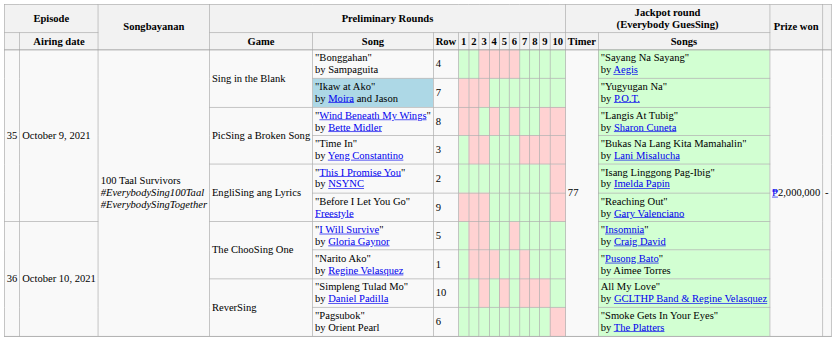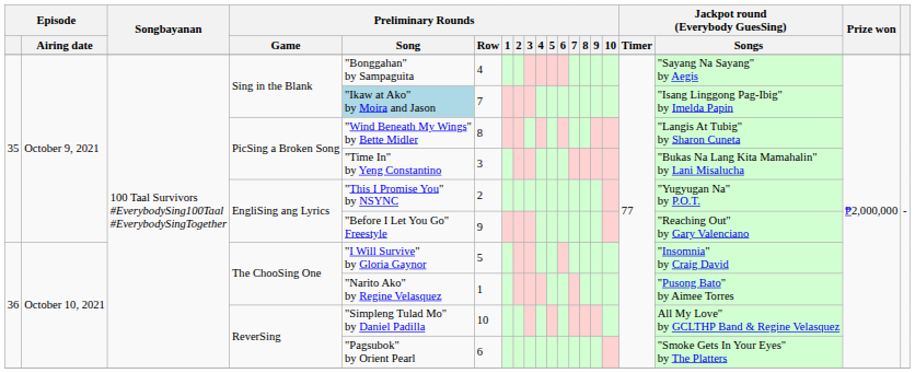 <table class="wikitable plainrowheaders mw-collapsible ">
 <tr>
 <th colspan="2">Episode</th>
 <th rowspan="2">Songbayanan</th>
 <th colspan="13">Preliminary Rounds</th>
 <th colspan="2">Jackpot round<br><strong>(Everybody GuesSing)</strong></th>
 <th rowspan="2">Prize won</th>
 <th rowspan="2"></th>
 </tr>
 <tr>
 <th></th>
 <th>Airing date</th>
 <th>Game</th>
 <th>Song</th>
 <th>Row</th>
 <th>1</th>
 <th>2</th>
 <th>3</th>
 <th>4</th>
 <th>5</th>
 <th>6</th>
 <th>7</th>
 <th>8</th>
 <th>9</th>
 <th>10</th>
 <th>Timer</th>
 <th>Songs</th>
 </tr>
 <tr>
 </tr>
 <tr>
 </tr>
 <tr>
 <td rowspan="6">35</td>
 <td rowspan="6">October 9, 2021</td>
 <td rowspan="10">100 Taal Survivors <br> <em>#EverybodySing100Taal</em>  <br> <em>#EverybodySingTogether</em></td>
 <td rowspan="2">Sing in the Blank</td>
 <td>"Bonggahan" <br> by Sampaguita</td>
 <td>4</td>
 <td style="background:#D2FFD2"></td>
 <td style="background:#D2FFD2"></td>
 <td style="background:#FFD2D2"></td>
 <td style="background:#FFD2D2"></td>
 <td style="background:#FFD2D2"></td>
 <td style="background:#FFD2D2"></td>
 <td style="background:#D2FFD2"></td>
 <td style="background:#D2FFD2"></td>
 <td style="background:#D2FFD2"></td>
 <td style="background:#D2FFD2"></td>
 <td rowspan="10">77 </td>
 <td style="background:#D2FFD2">"Sayang Na Sayang"<br>by <a href='#'>Aegis</a></td>
 <td rowspan="10"><a href='#'>₱</a>2,000,000</td>
 <td rowspan="10">-</td>
 </tr>
 <tr>
 <td style="background: lightblue;">"Ikaw at Ako" <br> by <a href='#'>Moira</a> and Jason</td>
 <td>7</td>
 <td style="background:#FFD2D2"></td>
 <td style="background:#FFD2D2"></td>
 <td style="background:#FFD2D2"></td>
 <td style="background:#D2FFD2"></td>
 <td style="background:#D2FFD2"></td>
 <td style="background:#D2FFD2"></td>
 <td style="background:#D2FFD2"></td>
 <td style="background:#D2FFD2"></td>
 <td style="background:#D2FFD2"></td>
 <td style="background:#D2FFD2"></td>
-<td style="background:#D2FFD2">"Yugyugan Na"<br>by <a href='#'>P.O.T.</a></td>
+<td style="background:#D2FFD2">"Isang Linggong Pag-Ibig"<br>by <a href='#'>Imelda Papin</a></td>
 </tr>
 <tr>
 <td rowspan="2">PicSing a Broken Song</td>
 <td>"<a href='#'>Wind Beneath My Wings</a>" <br> by <a href='#'>Bette Midler</a></td>
 <td>8</td>
 <td style="background:#FFD2D2"></td>
 <td style="background:#FFD2D2"></td>
 <td style="background:#D2FFD2"></td>
 <td style="background:#FFD2D2"></td>
 <td style="background:#D2FFD2"></td>
 <td style="background:#FFD2D2"></td>
 <td style="background:#D2FFD2"></td>
 <td style="background:#D2FFD2"></td>
 <td style="background:#FFD2D2"></td>
 <td style="background:#FFD2D2"></td>
 <td style="background:#D2FFD2">"Langis At Tubig"<br>by <a href='#'>Sharon Cuneta</a></td>
 </tr>
 <tr>
 <td>"Time In" <br> by <a href='#'>Yeng Constantino</a></td>
 <td>3</td>
 <td style="background:#D2FFD2"></td>
 <td style="background:#FFD2D2"></td>
 <td style="background:#FFD2D2"></td>
 <td style="background:#D2FFD2"></td>
 <td style="background:#D2FFD2"></td>
 <td style="background:#D2FFD2"></td>
 <td style="background:#FFD2D2"></td>
 <td style="background:#FFD2D2"></td>
 <td style="background:#FFD2D2"></td>
 <td style="background:#FFD2D2"></td>
 <td style="background:#D2FFD2">"Bukas Na Lang Kita Mamahalin"<br>by <a href='#'>Lani Misalucha</a></td>
 </tr>
 <tr>
 <td rowspan="2">EngliSing ang Lyrics</td>
 <td>"<a href='#'>This I Promise You</a>" <br> by <a href='#'>NSYNC</a></td>
 <td>2</td>
 <td style="background:#D2FFD2"></td>
 <td style="background:#D2FFD2"></td>
 <td style="background:#D2FFD2"></td>
 <td style="background:#D2FFD2"></td>
 <td style="background:#D2FFD2"></td>
 <td style="background:#D2FFD2"></td>
 <td style="background:#D2FFD2"></td>
 <td style="background:#D2FFD2"></td>
 <td style="background:#D2FFD2"></td>
 <td style="background:#FFD2D2"></td>
-<td style="background:#D2FFD2">"Isang Linggong Pag-Ibig"<br>by <a href='#'>Imelda Papin</a></td>
+<td style="background:#D2FFD2">"Yugyugan Na"<br>by <a href='#'>P.O.T.</a></td>
 </tr>
 <tr>
 <td>"Before I Let You Go" <br> <a href='#'>Freestyle</a></td>
 <td>9</td>
 <td style="background:#FFD2D2"></td>
 <td style="background:#FFD2D2"></td>
 <td style="background:#FFD2D2"></td>
 <td style="background:#D2FFD2"></td>
 <td style="background:#D2FFD2"></td>
 <td style="background:#D2FFD2"></td>
 <td style="background:#D2FFD2"></td>
 <td style="background:#D2FFD2"></td>
 <td style="background:#D2FFD2"></td>
 <td style="background:#FFD2D2"></td>
 <td style="background:#D2FFD2">"Reaching Out"<br>by <a href='#'>Gary Valenciano</a></td>
 </tr>
 <tr>
 <td rowspan="4">36</td>
 <td rowspan="4">October 10, 2021</td>
 <td rowspan="2">The ChooSing One</td>
 <td>"<a href='#'>I Will Survive</a>" <br> by <a href='#'>Gloria Gaynor</a></td>
 <td>5</td>
 <td style="background:#D2FFD2"></td>
 <td style="background:#FFD2D2"></td>
 <td style="background:#FFD2D2"></td>
 <td style="background:#D2FFD2"></td>
 <td style="background:#D2FFD2"></td>
 <td style="background:#FFD2D2"></td>
 <td style="background:#D2FFD2"></td>
 <td style="background:#D2FFD2"></td>
 <td style="background:#D2FFD2"></td>
 <td style="background:#D2FFD2"></td>
 <td style="background:#D2FFD2">"<a href='#'>Insomnia</a>"<br>by <a href='#'>Craig David</a></td>
 </tr>
 <tr>
 <td>"Narito Ako" <br> by <a href='#'>Regine Velasquez</a></td>
 <td>1</td>
 <td style="background:#D2FFD2"></td>
 <td style="background:#FFD2D2"></td>
 <td style="background:#FFD2D2"></td>
 <td style="background:#FFD2D2"></td>
 <td style="background:#D2FFD2"></td>
 <td style="background:#D2FFD2"></td>
 <td style="background:#FFD2D2"></td>
 <td style="background:#D2FFD2"></td>
 <td style="background:#D2FFD2"></td>
 <td style="background:#D2FFD2"></td>
 <td style="background:#D2FFD2">"<a href='#'>Pusong Bato</a>" <br>by Aimee Torres</td>
 </tr>
 <tr>
 <td rowspan="2">ReverSing</td>
 <td>"Simpleng Tulad Mo" <br> by <a href='#'>Daniel Padilla</a></td>
 <td>10</td>
 <td style="background:#D2FFD2"></td>
 <td style="background:#D2FFD2"></td>
 <td style="background:#FFD2D2"></td>
 <td style="background:#D2FFD2"></td>
 <td style="background:#FFD2D2"></td>
 <td style="background:#D2FFD2"></td>
 <td style="background:#FFD2D2"></td>
 <td style="background:#FFD2D2"></td>
 <td style="background:#FFD2D2"></td>
 <td style="background:#D2FFD2"></td>
 <td style="background:#D2FFD2">All My Love" <br>by <a href='#'>GCLTHP Band & Regine Velasquez</a></td>
 </tr>
 <tr>
 <td>"Pagsubok" <br> by Orient Pearl</td>
 <td>6</td>
 <td style="background:#D2FFD2"></td>
 <td style="background:#D2FFD2"></td>
 <td style="background:#D2FFD2"></td>
 <td style="background:#D2FFD2"></td>
 <td style="background:#D2FFD2"></td>
 <td style="background:#D2FFD2"></td>
 <td style="background:#D2FFD2"></td>
 <td style="background:#D2FFD2"></td>
 <td style="background:#D2FFD2"></td>
 <td style="background:#FFD2D2"></td>
 <td style="background:#D2FFD2">"Smoke Gets In Your Eyes"<br>by <a href='#'>The Platters</a></td>
 </tr>
 <tr>
 </tr>
 </table>
